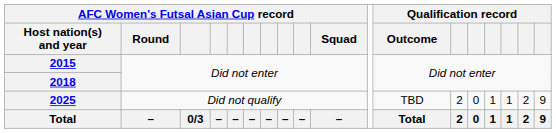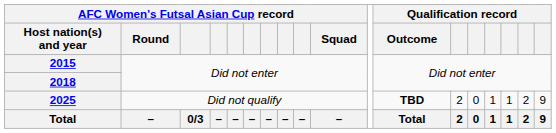 <table class="wikitable" style="font-size:90%; text-align:center;">
 <tr>
 <th colspan=10><a href='#'>AFC Women's Futsal Asian Cup</a> record</th>
 <th rowspan="13" style="width:1%;background:white"></th>
 <th colspan=7>Qualification record</th>
 </tr>
 <tr>
 <th scope="col">Host nation(s)<br>and year</th>
 <th scope="col">Round</th>
 <th scope="col"></th>
 <th scope="col"></th>
 <th scope="col"></th>
 <th scope="col"></th>
 <th scope="col"></th>
 <th scope="col"></th>
 <th scope="col"></th>
 <th scope="col">Squad</th>
 <th scope="col">Outcome</th>
 <th scope="col"></th>
 <th scope="col"></th>
 <th scope="col"></th>
 <th scope="col"></th>
 <th scope="col"></th>
 <th scope="col"></th>
 </tr>
 <tr>
 <th scope="row"> <a href='#'>2015</a></th>
 <td colspan="9" rowspan="2"><em>Did not enter</em></td>
 <td colspan="7" rowspan="2"><em>Did not enter</em></td>
 </tr>
 <tr>
 <th scope="row"> <a href='#'>2018</a></th>
 </tr>
 <tr>
 <th scope="row"> <a href='#'>2025</a></th>
 <td colspan="9" rowspan="1"><em>Did not qualify</em></td>
-<td>TBD</td>
+<td><strong>TBD</strong></td>
 <td>2</td>
 <td>0</td>
 <td>1</td>
 <td>1</td>
 <td>2</td>
 <td>9</td>
 </tr>
 <tr>
 <th>Total</th>
 <th>–</th>
 <th>0/3</th>
 <th>–</th>
 <th>–</th>
 <th>–</th>
 <th>–</th>
 <th>–</th>
 <th>–</th>
 <th>–</th>
 <th>Total</th>
 <th>2</th>
 <th>0</th>
 <th>1</th>
 <th>1</th>
 <th>2</th>
 <th>9</th>
 </tr>
 </table>
